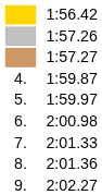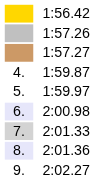 <table style="text-align:center">
 <tr>
 <td width=30 bgcolor=gold></td>
 <td align=left></td>
 <td width=60>1:56.42</td>
 </tr>
 <tr>
 <td bgcolor=silver></td>
 <td align=left></td>
 <td>1:57.26</td>
 </tr>
 <tr>
 <td bgcolor=cc9966></td>
 <td align=left></td>
 <td>1:57.27</td>
 </tr>
 <tr>
 <td>4.</td>
 <td align=left></td>
 <td>1:59.87</td>
 </tr>
 <tr>
 <td>5.</td>
 <td align=left></td>
 <td>1:59.97</td>
 </tr>
 <tr>
-<td>6.</td>
+<td style="background: lavender;">6.</td>
 <td align=left></td>
 <td>2:00.98</td>
 </tr>
 <tr>
-<td>7.</td>
+<td style="background: lightgrey;">7.</td>
 <td align=left></td>
 <td>2:01.33</td>
 </tr>
 <tr>
-<td>8.</td>
+<td style="background: lavender;">8.</td>
 <td align=left></td>
 <td>2:01.36</td>
 </tr>
 <tr>
 <td>9.</td>
 <td align=left></td>
 <td>2:02.27</td>
 </tr>
 </table>
